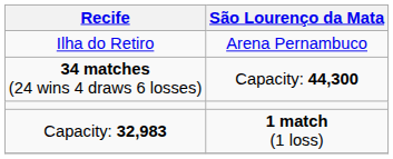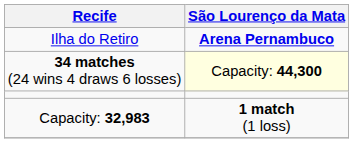 <table class="wikitable" style="text-align:center">
 <tr>
 <th><a href='#'>Recife</a></th>
 <th><a href='#'>São Lourenço da Mata</a></th>
 </tr>
 <tr>
 <td><a href='#'>Ilha do Retiro</a></td>
-<td><a href='#'>Arena Pernambuco</a></td>
+<td><strong><a href='#'>Arena Pernambuco</a></strong></td>
 </tr>
 <tr>
 <td><strong>34 matches</strong><br>(24 wins 4 draws 6 losses)</td>
-<td>Capacity: <strong>44,300</strong></td>
+<td style="background: lightyellow;">Capacity: <strong>44,300</strong></td>
 </tr>
 <tr>
 <td></td>
 <td></td>
 </tr>
 <tr>
 <td>Capacity: <strong>32,983</strong></td>
 <td><strong>1 match</strong><br>(1 loss)</td>
 </tr>
 <tr>
 </tr>
 </table>
